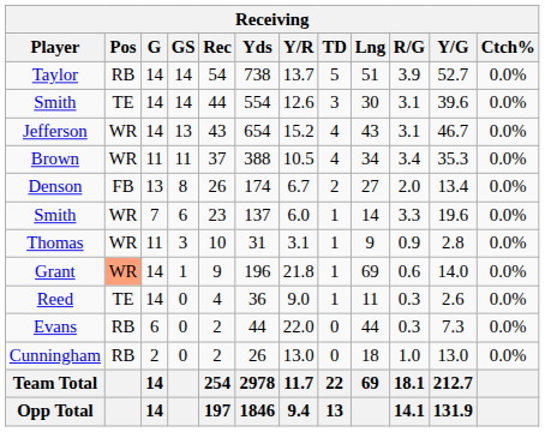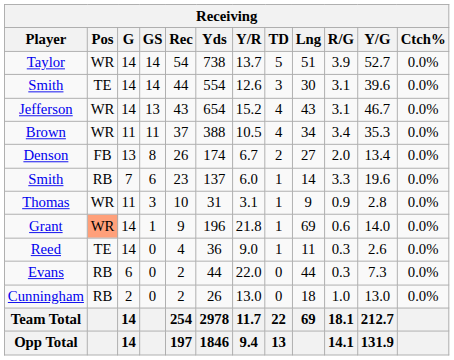 <table class="wikitable" style="text-align:center">
 <tr>
 <th colspan="12">Receiving</th>
 </tr>
 <tr>
 <th>Player</th>
 <th>Pos</th>
 <th>G</th>
 <th>GS</th>
 <th>Rec</th>
 <th>Yds</th>
 <th>Y/R</th>
 <th>TD</th>
 <th>Lng</th>
 <th>R/G</th>
 <th>Y/G</th>
 <th>Ctch%</th>
 </tr>
 <tr>
 <td><a href='#'>Taylor</a></td>
-<td>RB</td>
+<td>WR</td>
 <td>14</td>
 <td>14</td>
 <td>54</td>
 <td>738</td>
 <td>13.7</td>
 <td>5</td>
 <td>51</td>
 <td>3.9</td>
 <td>52.7</td>
 <td>0.0%</td>
 </tr>
 <tr>
 <td><a href='#'>Smith</a></td>
 <td>TE</td>
 <td>14</td>
 <td>14</td>
 <td>44</td>
 <td>554</td>
 <td>12.6</td>
 <td>3</td>
 <td>30</td>
 <td>3.1</td>
 <td>39.6</td>
 <td>0.0%</td>
 </tr>
 <tr>
 <td><a href='#'>Jefferson</a></td>
 <td>WR</td>
 <td>14</td>
 <td>13</td>
 <td>43</td>
 <td>654</td>
 <td>15.2</td>
 <td>4</td>
 <td>43</td>
 <td>3.1</td>
 <td>46.7</td>
 <td>0.0%</td>
 </tr>
 <tr>
 <td><a href='#'>Brown</a></td>
 <td>WR</td>
 <td>11</td>
 <td>11</td>
 <td>37</td>
 <td>388</td>
 <td>10.5</td>
 <td>4</td>
 <td>34</td>
 <td>3.4</td>
 <td>35.3</td>
 <td>0.0%</td>
 </tr>
 <tr>
 <td><a href='#'>Denson</a></td>
 <td>FB</td>
 <td>13</td>
 <td>8</td>
 <td>26</td>
 <td>174</td>
 <td>6.7</td>
 <td>2</td>
 <td>27</td>
 <td>2.0</td>
 <td>13.4</td>
 <td>0.0%</td>
 </tr>
 <tr>
 <td><a href='#'>Smith</a></td>
-<td>WR</td>
+<td>RB</td>
 <td>7</td>
 <td>6</td>
 <td>23</td>
 <td>137</td>
 <td>6.0</td>
 <td>1</td>
 <td>14</td>
 <td>3.3</td>
 <td>19.6</td>
 <td>0.0%</td>
 </tr>
 <tr>
 <td><a href='#'>Thomas</a></td>
 <td>WR</td>
 <td>11</td>
 <td>3</td>
 <td>10</td>
 <td>31</td>
 <td>3.1</td>
 <td>1</td>
 <td>9</td>
 <td>0.9</td>
 <td>2.8</td>
 <td>0.0%</td>
 </tr>
 <tr>
 <td><a href='#'>Grant</a></td>
 <td style="background: lightsalmon;">WR</td>
 <td>14</td>
 <td>1</td>
 <td>9</td>
 <td>196</td>
 <td>21.8</td>
 <td>1</td>
 <td>69</td>
 <td>0.6</td>
 <td>14.0</td>
 <td>0.0%</td>
 </tr>
 <tr>
 <td><a href='#'>Reed</a></td>
 <td>TE</td>
 <td>14</td>
 <td>0</td>
 <td>4</td>
 <td>36</td>
 <td>9.0</td>
 <td>1</td>
 <td>11</td>
 <td>0.3</td>
 <td>2.6</td>
 <td>0.0%</td>
 </tr>
 <tr>
 <td><a href='#'>Evans</a></td>
 <td>RB</td>
 <td>6</td>
 <td>0</td>
 <td>2</td>
 <td>44</td>
 <td>22.0</td>
 <td>0</td>
 <td>44</td>
 <td>0.3</td>
 <td>7.3</td>
 <td>0.0%</td>
 </tr>
 <tr>
 <td><a href='#'>Cunningham</a></td>
 <td>RB</td>
 <td>2</td>
 <td>0</td>
 <td>2</td>
 <td>26</td>
 <td>13.0</td>
 <td>0</td>
 <td>18</td>
 <td>1.0</td>
 <td>13.0</td>
 <td>0.0%</td>
 </tr>
 <tr>
 <th>Team Total</th>
 <th></th>
 <th>14</th>
 <th></th>
 <th>254</th>
 <th>2978</th>
 <th>11.7</th>
 <th>22</th>
 <th>69</th>
 <th>18.1</th>
 <th>212.7</th>
 <th></th>
 </tr>
 <tr>
 <th>Opp Total</th>
 <th></th>
 <th>14</th>
 <th></th>
 <th>197</th>
 <th>1846</th>
 <th>9.4</th>
 <th>13</th>
 <th></th>
 <th>14.1</th>
 <th>131.9</th>
 <th></th>
 </tr>
 </table>
